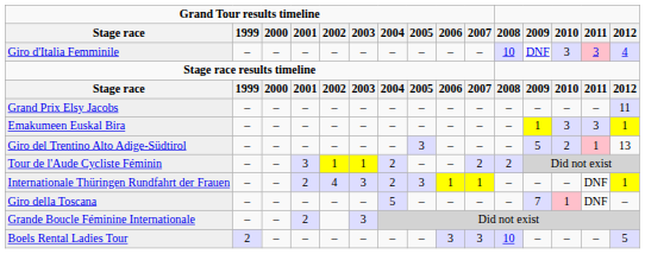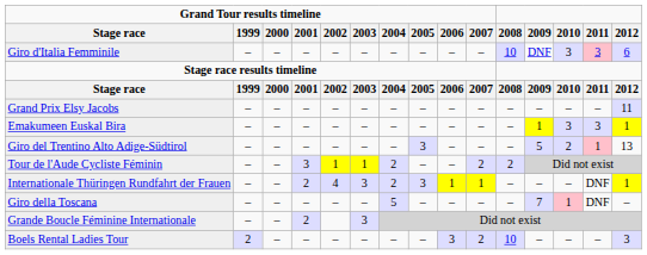 <table class="wikitable">
 <tr>
 <td colspan=10 align=center><strong>Grand Tour results timeline</strong></td>
 </tr>
 <tr style="background:#EEEEEE;">
 <th>Stage race</th>
 <th>1999</th>
 <th>2000</th>
 <th>2001</th>
 <th>2002</th>
 <th>2003</th>
 <th>2004</th>
 <th>2005</th>
 <th>2006</th>
 <th>2007</th>
 <th>2008</th>
 <th>2009</th>
 <th>2010</th>
 <th>2011</th>
 <th>2012</th>
 </tr>
 <tr>
 <td style="text-align:left; background:#efefef;"><a href='#'>Giro d'Italia Femminile</a></td>
 <td style="text-align:center;">–</td>
 <td style="text-align:center;">–</td>
 <td style="text-align:center;">–</td>
 <td style="text-align:center;">–</td>
 <td style="text-align:center;">–</td>
 <td style="text-align:center;">–</td>
 <td style="text-align:center;">–</td>
 <td style="text-align:center;">–</td>
 <td style="text-align:center;">–</td>
 <td style="text-align:center; background:#ddf;"><a href='#'>10</a></td>
 <td style="text-align:center;"><a href='#'>DNF</a></td>
 <td style="text-align:center; background:#ddf;">3</td>
 <td style="text-align:center; background:pink;"><a href='#'>3</a></td>
-<td style="text-align:center; background:#ddf;;"><a href='#'>4</a></td>
+<td style="text-align:center; background:#ddf;;"><a href='#'>6</a></td>
 </tr>
 <tr>
 <td colspan=10 align=center><strong>Stage race results timeline</strong></td>
 </tr>
 <tr style="background:#EEEEEE;">
 <th>Stage race</th>
 <th>1999</th>
 <th>2000</th>
 <th>2001</th>
 <th>2002</th>
 <th>2003</th>
 <th>2004</th>
 <th>2005</th>
 <th>2006</th>
 <th>2007</th>
 <th>2008</th>
 <th>2009</th>
 <th>2010</th>
 <th>2011</th>
 <th>2012</th>
 </tr>
 <tr>
 <td style="text-align:left; background:#efefef;"><a href='#'>Grand Prix Elsy Jacobs</a></td>
 <td style="text-align:center;">–</td>
 <td style="text-align:center;">–</td>
 <td style="text-align:center;">–</td>
 <td style="text-align:center;">–</td>
 <td style="text-align:center;">–</td>
 <td style="text-align:center;">–</td>
 <td style="text-align:center;">–</td>
 <td style="text-align:center;">–</td>
 <td style="text-align:center;">–</td>
 <td style="text-align:center;">–</td>
 <td style="text-align:center;">–</td>
 <td style="text-align:center;">–</td>
 <td style="text-align:center;">–</td>
 <td style="text-align:center; background:#ddf;">11</td>
 </tr>
 <tr>
 <td style="text-align:left; background:#efefef;"><a href='#'>Emakumeen Euskal Bira</a></td>
 <td style="text-align:center;">–</td>
 <td style="text-align:center;">–</td>
 <td style="text-align:center;">–</td>
 <td style="text-align:center;">–</td>
 <td style="text-align:center;">–</td>
 <td style="text-align:center;">–</td>
 <td style="text-align:center;">–</td>
 <td style="text-align:center;">–</td>
 <td style="text-align:center;">–</td>
 <td style="text-align:center;">–</td>
 <td style="text-align:center; background:yellow;">1</td>
 <td style="text-align:center; background:#ddf;">3</td>
 <td style="text-align:center; background:#ddf;">3</td>
 <td style="text-align:center; background:yellow;">1</td>
 </tr>
 <tr>
 <td style="text-align:left; background:#efefef;"><a href='#'>Giro del Trentino Alto Adige-Südtirol</a></td>
 <td style="text-align:center;">–</td>
 <td style="text-align:center;">–</td>
 <td style="text-align:center;">–</td>
 <td style="text-align:center;">–</td>
 <td style="text-align:center;">–</td>
 <td style="text-align:center;">–</td>
 <td style="text-align:center; background:#ddf;">3</td>
 <td style="text-align:center;">–</td>
 <td style="text-align:center;">–</td>
 <td style="text-align:center;">–</td>
 <td style="text-align:center; background:#ddf;">5</td>
 <td style="text-align:center; background:#ddf;">2</td>
 <td style="text-align:center; background:pink;">1</td>
 <td style="text-align:center;">13</td>
 </tr>
 <tr>
 <td style="text-align:left; background:#efefef;"><a href='#'>Tour de l'Aude Cycliste Féminin</a></td>
 <td style="text-align:center;">–</td>
 <td style="text-align:center;">–</td>
 <td style="text-align:center; background:#ddf;">3</td>
 <td style="text-align:center; background:yellow">1</td>
 <td style="text-align:center; background:yellow">1</td>
 <td style="text-align:center; background:#ddf;">2</td>
 <td style="text-align:center;">–</td>
 <td style="text-align:center;">–</td>
 <td style="text-align:center; background:#ddf;">2</td>
 <td style="text-align:center; background:#ddf;">2</td>
 <td colspan=4 style="text-align:center; background:lightgrey;">Did not exist</td>
 </tr>
 <tr>
 <td style="text-align:left; background:#efefef;"><a href='#'>Internationale Thüringen Rundfahrt der Frauen</a></td>
 <td style="text-align:center;">–</td>
 <td style="text-align:center;">–</td>
 <td style="text-align:center; background:#ddf;">2</td>
 <td style="text-align:center; background:#ddf;">4</td>
 <td style="text-align:center; background:#ddf;">3</td>
 <td style="text-align:center; background:#ddf;">2</td>
 <td style="text-align:center; background:#ddf;">3</td>
 <td style="text-align:center; background:yellow">1</td>
 <td style="text-align:center; background:yellow">1</td>
 <td style="text-align:center;">–</td>
 <td style="text-align:center;">–</td>
 <td style="text-align:center;">–</td>
 <td style="text-align:center;">DNF</td>
 <td style="text-align:center; background:yellow;">1</td>
 </tr>
 <tr>
 <td style="text-align:left; background:#efefef;"><a href='#'>Giro della Toscana</a></td>
 <td style="text-align:center;">–</td>
 <td style="text-align:center;">–</td>
 <td style="text-align:center;">–</td>
 <td style="text-align:center;">–</td>
 <td style="text-align:center;">–</td>
 <td style="text-align:center; background:#ddf;">5</td>
 <td style="text-align:center;">–</td>
 <td style="text-align:center;">–</td>
 <td style="text-align:center;">–</td>
 <td style="text-align:center;">–</td>
 <td style="text-align:center; background:#ddf;">7</td>
 <td style="text-align:center; background:pink;">1</td>
 <td style="text-align:center;">DNF</td>
 <td style="text-align:center;">–</td>
 </tr>
 <tr>
 <td style="text-align:left; background:#efefef;"><a href='#'>Grande Boucle Féminine Internationale</a></td>
 <td style="text-align:center;">–</td>
 <td style="text-align:center;">–</td>
 <td style="text-align:center; background:#ddf;">2</td>
 <td style="text-align:center;"></td>
 <td style="text-align:center; background:#ddf;">3</td>
 <td colspan=9 style="text-align:center; background:lightgrey;">Did not exist</td>
 </tr>
 <tr>
 <td style="text-align:left; background:#efefef;"><a href='#'>Boels Rental Ladies Tour</a></td>
 <td style="text-align:center; background:#ddf;">2</td>
 <td style="text-align:center;">–</td>
 <td style="text-align:center;">–</td>
 <td style="text-align:center;">–</td>
 <td style="text-align:center;">–</td>
 <td style="text-align:center;">–</td>
 <td style="text-align:center;">–</td>
 <td style="text-align:center; background:#ddf;">3</td>
-<td style="text-align:center; background:#ddf;">3</td>
+<td style="text-align:center; background:#ddf;">2</td>
 <td style="text-align:center; background:#ddf;"><a href='#'>10</a></td>
 <td style="text-align:center;">–</td>
 <td style="text-align:center;">–</td>
 <td style="text-align:center;">–</td>
-<td style="text-align:center; background:#ddf;">5</td>
+<td style="text-align:center; background:#ddf;">3</td>
 </tr>
 </table>
